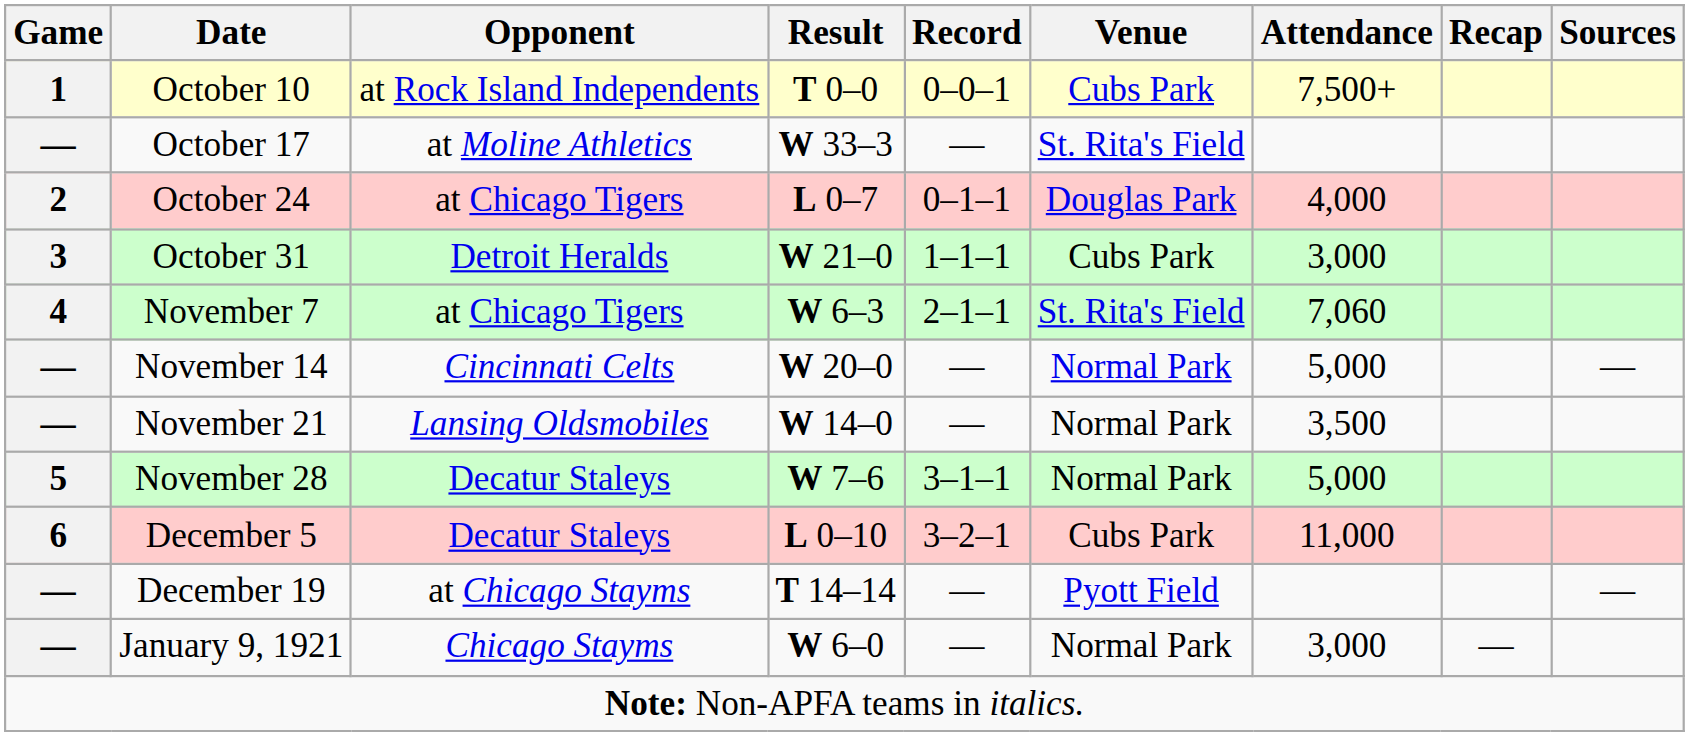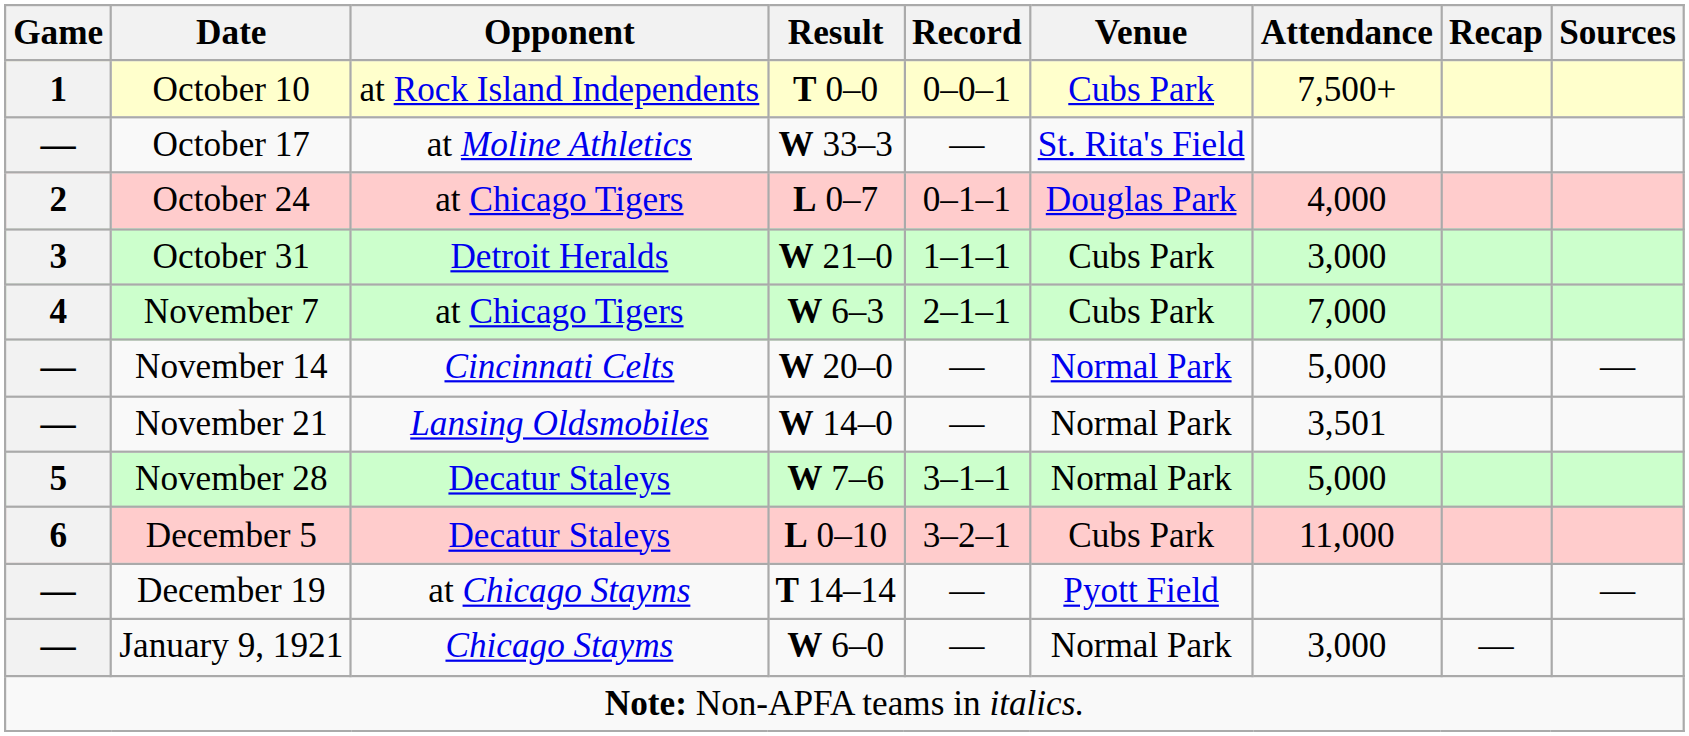 <table class="wikitable" style="text-align:center">
 <tr>
 <th>Game</th>
 <th>Date</th>
 <th>Opponent</th>
 <th>Result</th>
 <th>Record</th>
 <th>Venue</th>
 <th>Attendance</th>
 <th>Recap</th>
 <th>Sources</th>
 </tr>
 <tr style="background:#ffc">
 <th>1</th>
 <td>October 10</td>
 <td>at <a href='#'>Rock Island Independents</a></td>
 <td><strong>T</strong> 0–0</td>
 <td>0–0–1</td>
 <td><a href='#'>Cubs Park</a></td>
 <td>7,500+</td>
 <td></td>
 <td></td>
 </tr>
 <tr>
 <th>—</th>
 <td>October 17</td>
 <td>at <em><a href='#'>Moline Athletics</a></em> </td>
 <td><strong>W</strong> 33–3</td>
 <td>—</td>
 <td><a href='#'>St. Rita's Field</a></td>
 <td></td>
 <td></td>
 <td></td>
 </tr>
 <tr style="background:#fcc">
 <th>2</th>
 <td>October 24</td>
 <td>at <a href='#'>Chicago Tigers</a></td>
 <td><strong>L</strong> 0–7</td>
 <td>0–1–1</td>
 <td><a href='#'>Douglas Park</a></td>
 <td>4,000</td>
 <td></td>
 <td></td>
 </tr>
 <tr style="background:#cfc">
 <th>3</th>
 <td>October 31</td>
 <td><a href='#'>Detroit Heralds</a></td>
 <td><strong>W</strong> 21–0</td>
 <td>1–1–1</td>
 <td>Cubs Park</td>
 <td>3,000</td>
 <td></td>
 <td></td>
 </tr>
 <tr style="background:#cfc">
 <th>4</th>
 <td>November 7</td>
 <td>at <a href='#'>Chicago Tigers</a></td>
 <td><strong>W</strong> 6–3</td>
 <td>2–1–1</td>
-<td><a href='#'>St. Rita's Field</a></td>
-<td>7,060</td>
+<td>Cubs Park</td>
+<td>7,000</td>
 <td></td>
 <td></td>
 </tr>
 <tr>
 <th>—</th>
 <td>November 14</td>
 <td><em><a href='#'>Cincinnati Celts</a></em></td>
 <td><strong>W</strong> 20–0</td>
 <td>—</td>
 <td><a href='#'>Normal Park</a></td>
 <td>5,000</td>
 <td></td>
 <td>—</td>
 </tr>
 <tr>
 <th>—</th>
 <td>November 21</td>
 <td><em><a href='#'>Lansing Oldsmobiles</a></em></td>
 <td><strong>W</strong> 14–0</td>
 <td>—</td>
 <td>Normal Park</td>
-<td>3,500</td>
+<td>3,501</td>
 <td></td>
 <td></td>
 </tr>
 <tr style="background:#cfc">
 <th>5</th>
 <td>November 28</td>
 <td><a href='#'>Decatur Staleys</a></td>
 <td><strong>W</strong> 7–6</td>
 <td>3–1–1</td>
 <td>Normal Park</td>
 <td>5,000</td>
 <td></td>
 <td></td>
 </tr>
 <tr style="background:#fcc">
 <th>6</th>
 <td>December 5</td>
 <td><a href='#'>Decatur Staleys</a></td>
 <td><strong>L</strong> 0–10</td>
 <td>3–2–1</td>
 <td>Cubs Park</td>
 <td>11,000</td>
 <td></td>
 <td></td>
 </tr>
 <tr>
 <th>—</th>
 <td>December 19</td>
 <td>at <em><a href='#'>Chicago Stayms</a></em></td>
 <td><strong>T</strong> 14–14</td>
 <td>—</td>
 <td><a href='#'>Pyott Field</a></td>
 <td></td>
 <td></td>
 <td>—</td>
 </tr>
 <tr>
 <th>—</th>
 <td>January 9, 1921</td>
 <td><em><a href='#'>Chicago Stayms</a></em></td>
 <td><strong>W</strong> 6–0</td>
 <td>—</td>
 <td>Normal Park</td>
 <td>3,000</td>
 <td>—</td>
 <td></td>
 </tr>
 <tr>
 <td colspan="10"><strong>Note:</strong> Non-APFA teams in <em>italics.</em></td>
 </tr>
 </table>
